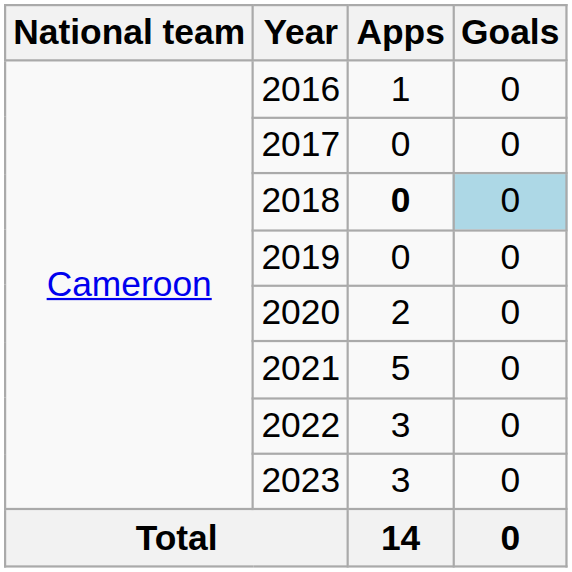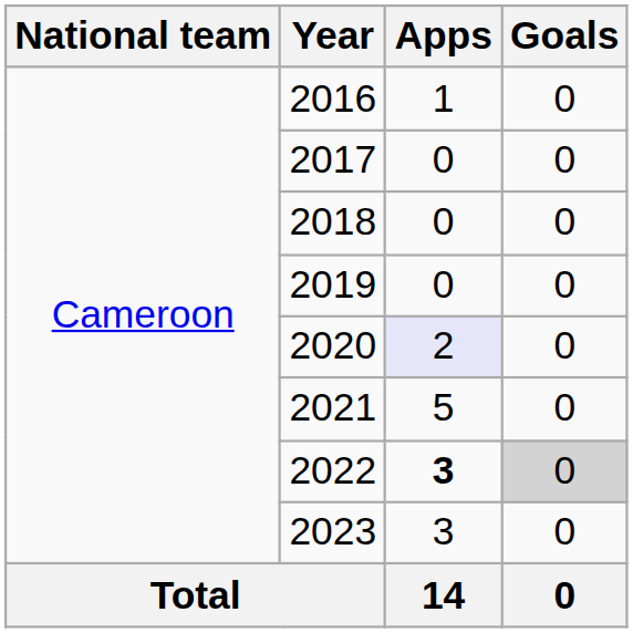 <table class=wikitable style="text-align: center">
 <tr>
 <th>National team</th>
 <th>Year</th>
 <th>Apps</th>
 <th>Goals</th>
 </tr>
 <tr>
 <td rowspan="8"><a href='#'>Cameroon</a></td>
 <td>2016</td>
 <td>1</td>
 <td>0</td>
 </tr>
 <tr>
 <td>2017</td>
 <td>0</td>
 <td>0</td>
 </tr>
 <tr>
 <td>2018</td>
-<td><strong>0</strong></td>
-<td style="background: lightblue;">0</td>
+<td>0</td>
+<td>0</td>
 </tr>
 <tr>
 <td>2019</td>
 <td>0</td>
 <td>0</td>
 </tr>
 <tr>
 <td>2020</td>
-<td>2</td>
+<td style="background: lavender;">2</td>
 <td>0</td>
 </tr>
 <tr>
 <td>2021</td>
 <td>5</td>
 <td>0</td>
 </tr>
 <tr>
 <td>2022</td>
-<td>3</td>
-<td>0</td>
+<td><strong>3</strong></td>
+<td style="background: lightgrey;">0</td>
 </tr>
 <tr>
 <td>2023</td>
 <td>3</td>
 <td>0</td>
 </tr>
 <tr>
 <th colspan="2">Total</th>
 <th>14</th>
 <th>0</th>
 </tr>
 </table>
